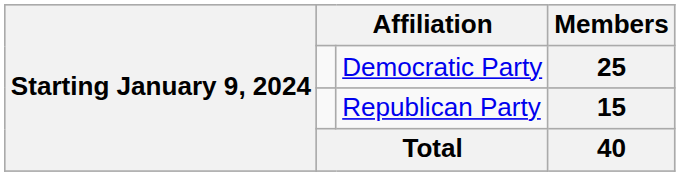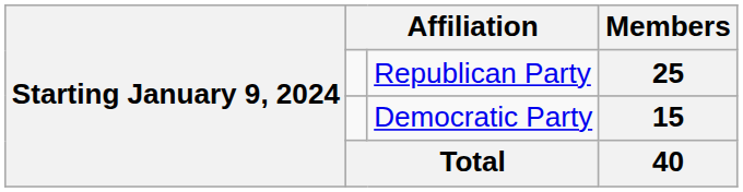 <table class="wikitable">
 <tr>
 <th rowspan=4>Starting January 9, 2024</th>
 <th colspan=2>Affiliation</th>
 <th>Members</th>
 </tr>
 <tr>
 <td style="background-color:"> </td>
-<td><a href='#'>Democratic Party</a></td>
+<td><a href='#'>Republican Party</a></td>
 <th style="text-align:center;">25</th>
 </tr>
 <tr>
 <td style="background-color:"> </td>
-<td><a href='#'>Republican Party</a></td>
+<td><a href='#'>Democratic Party</a></td>
 <th style="text-align:center;">15</th>
 </tr>
 <tr>
 <th colspan=2 style="text-align:center;">Total</th>
 <th style="text-align:center;">40</th>
 </tr>
 </table>
